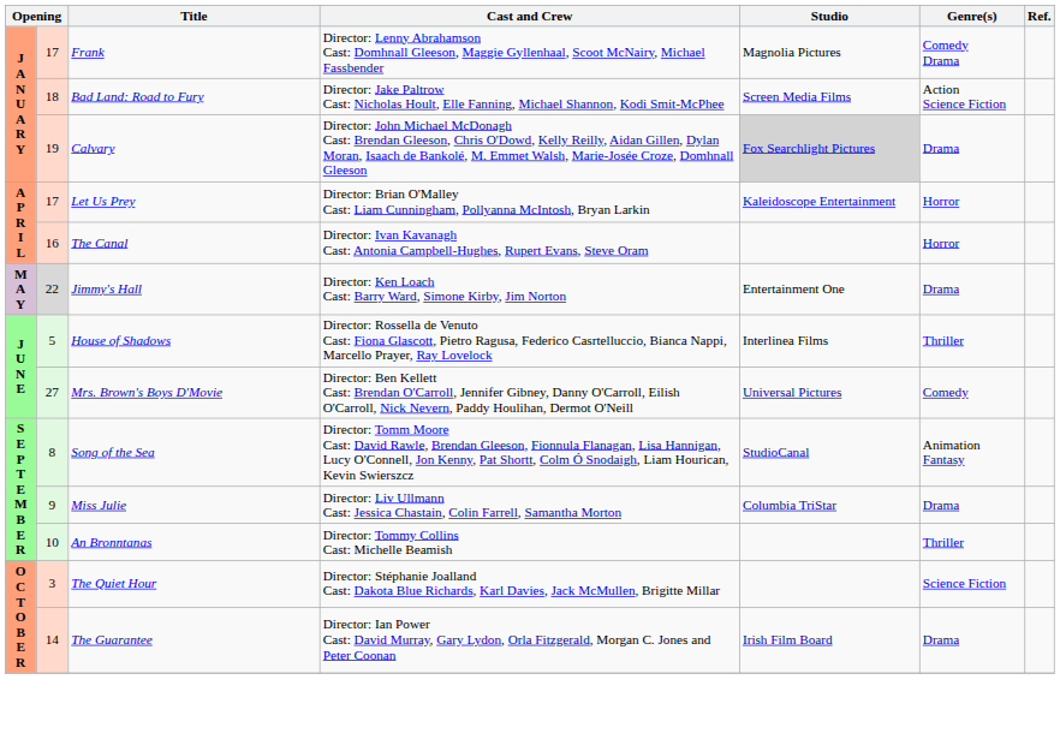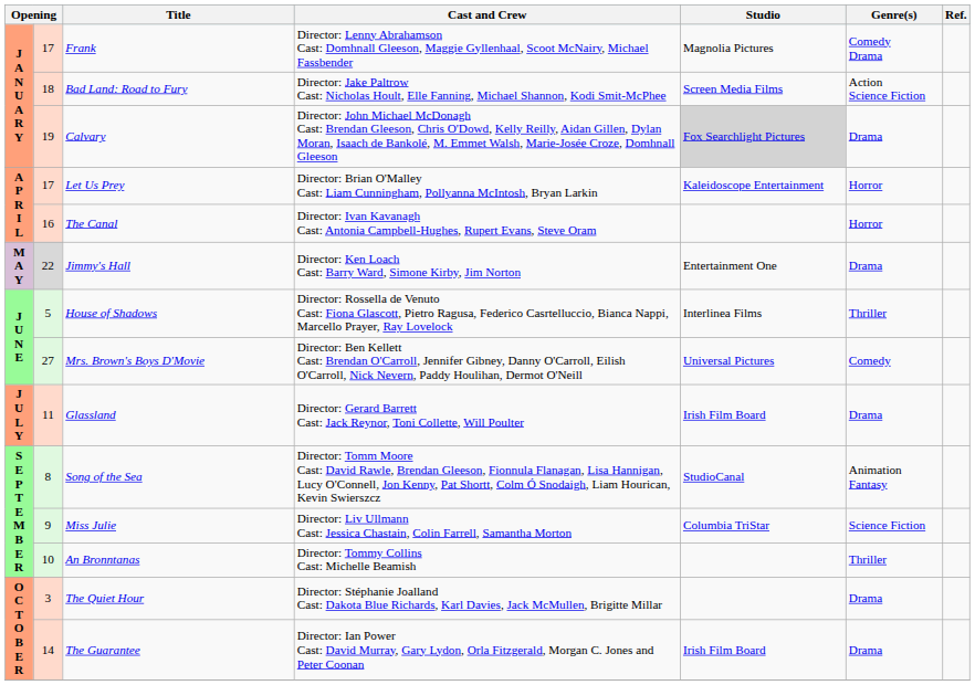 <table class="wikitable">
 <tr style="background:#b0e0e6; text-align:center;">
 <th colspan="2">Opening</th>
 <th style="width:24%;">Title</th>
 <th style="width:40%;">Cast and Crew</th>
 <th>Studio</th>
 <th style="width:10%;">Genre(s)</th>
 <th style="width:2%;">Ref.</th>
 </tr>
 <tr>
 <th rowspan="3" style="text-align:center; background:#ffa07a; textcolor:#000;">J<br>A<br>N<br>U<br>A<br>R<br>Y</th>
 <td rowspan="1" style="text-align:center; background:#ffdacc;">17</td>
 <td><em><a href='#'>Frank</a></em></td>
 <td>Director: <a href='#'>Lenny Abrahamson</a> <br> Cast: <a href='#'>Domhnall Gleeson</a>, <a href='#'>Maggie Gyllenhaal</a>, <a href='#'>Scoot McNairy</a>, <a href='#'>Michael Fassbender</a></td>
 <td>Magnolia Pictures</td>
 <td><a href='#'>Comedy</a> <br> <a href='#'>Drama</a></td>
 <td style="text-align:center"></td>
 </tr>
 <tr>
 <td rowspan="1" style="text-align:center; background:#ffdacc;">18</td>
 <td><em><a href='#'>Bad Land: Road to Fury</a></em></td>
 <td>Director: <a href='#'>Jake Paltrow</a> <br> Cast: <a href='#'>Nicholas Hoult</a>, <a href='#'>Elle Fanning</a>, <a href='#'>Michael Shannon</a>, <a href='#'>Kodi Smit-McPhee</a></td>
 <td><a href='#'>Screen Media Films</a></td>
 <td>Action <br> <a href='#'>Science Fiction</a></td>
 <td style="text-align:center"></td>
 </tr>
 <tr>
 <td rowspan="1" style="text-align:center; background:#ffdacc;">19</td>
 <td><em><a href='#'>Calvary</a></em></td>
 <td>Director: <a href='#'>John Michael McDonagh</a> <br> Cast: <a href='#'>Brendan Gleeson</a>, <a href='#'>Chris O'Dowd</a>, <a href='#'>Kelly Reilly</a>, <a href='#'>Aidan Gillen</a>, <a href='#'>Dylan Moran</a>, <a href='#'>Isaach de Bankolé</a>, <a href='#'>M. Emmet Walsh</a>, <a href='#'>Marie-Josée Croze</a>, <a href='#'>Domhnall Gleeson</a></td>
 <td style="background: lightgrey;"><a href='#'>Fox Searchlight Pictures</a></td>
 <td><a href='#'>Drama</a></td>
 <td style="text-align:center"></td>
 </tr>
 <tr>
 <th rowspan="2" style="text-align:center; background:#ffa07a; textcolor:#000;">A<br>P<br>R<br>I<br>L</th>
 <td rowspan="1" style="text-align:center; background:#ffdacc;">17</td>
 <td><em><a href='#'>Let Us Prey</a></em></td>
 <td>Director: Brian O'Malley <br> Cast: <a href='#'>Liam Cunningham</a>, <a href='#'>Pollyanna McIntosh</a>, Bryan Larkin</td>
 <td><a href='#'>Kaleidoscope Entertainment</a></td>
 <td><a href='#'>Horror</a></td>
 <td style="text-align:center"></td>
 </tr>
 <tr>
 <td rowspan="1" style="text-align:center; background:#ffdacc;">16</td>
 <td><em><a href='#'>The Canal</a></em></td>
 <td>Director: <a href='#'>Ivan Kavanagh</a> <br> Cast: <a href='#'>Antonia Campbell-Hughes</a>, <a href='#'>Rupert Evans</a>, <a href='#'>Steve Oram</a></td>
 <td></td>
 <td><a href='#'>Horror</a></td>
 <td style="text-align:center"></td>
 </tr>
 <tr>
 <th rowspan="1" style="text-align:center; background:thistle; textcolor:#000;">M<br>A<br>Y</th>
 <td rowspan="1" style="text-align:center; background:#d8d8d8;">22</td>
 <td><em><a href='#'>Jimmy's Hall</a></em></td>
 <td>Director: <a href='#'>Ken Loach</a> <br> Cast: <a href='#'>Barry Ward</a>, <a href='#'>Simone Kirby</a>, <a href='#'>Jim Norton</a></td>
 <td>Entertainment One</td>
 <td><a href='#'>Drama</a></td>
 <td style="text-align:center"></td>
 </tr>
 <tr>
 <th rowspan="2" style="text-align:center; background:#98fb98; textcolor:#000;">J<br>U<br>N<br>E</th>
 <td rowspan="1" style="text-align:center; background:#e0f9e0;">5</td>
 <td><em><a href='#'>House of Shadows</a></em></td>
 <td>Director: Rossella de Venuto <br> Cast: <a href='#'>Fiona Glascott</a>, Pietro Ragusa, Federico Casrtelluccio, Bianca Nappi, Marcello Prayer, <a href='#'>Ray Lovelock</a></td>
 <td>Interlinea Films</td>
 <td><a href='#'>Thriller</a></td>
 <td style="text-align:center"></td>
 </tr>
 <tr>
 <td rowspan="1" style="text-align:center; background:#e0f9e0;">27</td>
 <td><em><a href='#'>Mrs. Brown's Boys D'Movie</a></em></td>
 <td>Director: Ben Kellett <br> Cast: <a href='#'>Brendan O'Carroll</a>, Jennifer Gibney, Danny O'Carroll, Eilish O'Carroll, <a href='#'>Nick Nevern</a>, Paddy Houlihan, Dermot O'Neill</td>
 <td><a href='#'>Universal Pictures</a></td>
 <td><a href='#'>Comedy</a></td>
 <td style="text-align:center"></td>
 </tr>
 <tr>
+<th rowspan="1" style="text-align:center; background:#ffa07a; textcolor:#000;">J<br>U<br>L<br>Y</th>
+<td rowspan="1" style="text-align:center; background:#ffdacc;">11</td>
+<td><em><a href='#'>Glassland</a></em></td>
+<td>Director: <a href='#'>Gerard Barrett</a> <br> Cast: <a href='#'>Jack Reynor</a>, <a href='#'>Toni Collette</a>, <a href='#'>Will Poulter</a></td>
+<td><a href='#'>Irish Film Board</a></td>
+<td><a href='#'>Drama</a></td>
+<td style="text-align:center"></td>
+</tr>
+<tr>
 <th rowspan="3" style="text-align:center; background:#98fb98; textcolor:#000;">S<br>E<br>P<br>T<br>E<br>M<br>B<br>E<br>R</th>
 <td rowspan="1" style="text-align:center; background:#e0f9e0;">8</td>
 <td><em><a href='#'>Song of the Sea</a></em></td>
 <td>Director: <a href='#'>Tomm Moore</a> <br> Cast: <a href='#'>David Rawle</a>, <a href='#'>Brendan Gleeson</a>, <a href='#'>Fionnula Flanagan</a>, <a href='#'>Lisa Hannigan</a>, Lucy O'Connell, <a href='#'>Jon Kenny</a>, <a href='#'>Pat Shortt</a>, <a href='#'>Colm Ó Snodaigh</a>, Liam Hourican, Kevin Swierszcz</td>
 <td><a href='#'>StudioCanal</a></td>
 <td>Animation <br> <a href='#'>Fantasy</a></td>
 <td style="text-align:center"></td>
 </tr>
 <tr>
 <td rowspan="1" style="text-align:center; background:#e0f9e0;">9</td>
 <td><em><a href='#'>Miss Julie</a></em></td>
 <td>Director: <a href='#'>Liv Ullmann</a> <br> Cast: <a href='#'>Jessica Chastain</a>, <a href='#'>Colin Farrell</a>, <a href='#'>Samantha Morton</a></td>
 <td><a href='#'>Columbia TriStar</a></td>
-<td><a href='#'>Drama</a></td>
+<td><a href='#'>Science Fiction</a></td>
 <td style="text-align:center"></td>
 </tr>
 <tr>
 <td rowspan="1" style="text-align:center; background:#e0f9e0;">10</td>
 <td><em><a href='#'>An Bronntanas</a></em></td>
 <td>Director: <a href='#'>Tommy Collins</a> <br> Cast: Michelle Beamish</td>
 <td></td>
 <td><a href='#'>Thriller</a></td>
 <td style="text-align:center"></td>
 </tr>
 <tr>
 <th rowspan="2" style="text-align:center; background:#ffa07a; textcolor:#000;">O<br>C<br>T<br>O<br>B<br>E<br>R</th>
 <td rowspan="1" style="text-align:center; background:#ffdacc;">3</td>
 <td><em><a href='#'>The Quiet Hour</a></em></td>
 <td>Director: Stéphanie Joalland <br> Cast: <a href='#'>Dakota Blue Richards</a>, <a href='#'>Karl Davies</a>, <a href='#'>Jack McMullen</a>, Brigitte Millar</td>
 <td></td>
-<td><a href='#'>Science Fiction</a></td>
+<td><a href='#'>Drama</a></td>
 <td style="text-align:center"></td>
 </tr>
 <tr>
 <td rowspan="1" style="text-align:center; background:#ffdacc;">14</td>
 <td><em><a href='#'>The Guarantee</a></em></td>
 <td>Director: Ian Power <br> Cast: <a href='#'>David Murray</a>, <a href='#'>Gary Lydon</a>, <a href='#'>Orla Fitzgerald</a>, Morgan C. Jones and <a href='#'>Peter Coonan</a></td>
 <td><a href='#'>Irish Film Board</a></td>
 <td><a href='#'>Drama</a></td>
 <td style="text-align:center"></td>
 </tr>
 <tr>
 </tr>
 </table>
